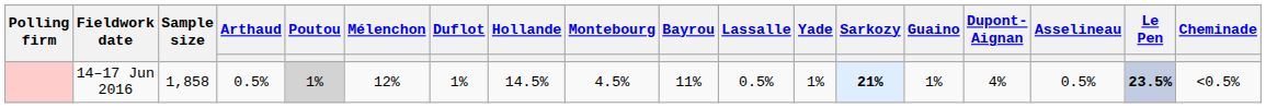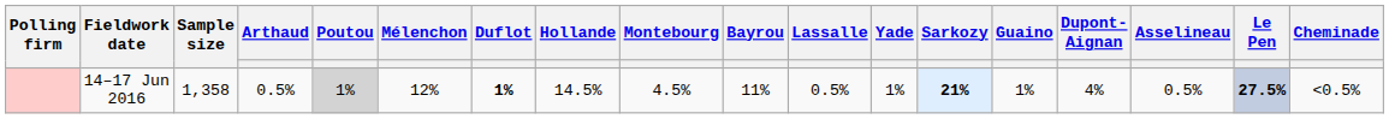 <table class="wikitable sortable" style="text-align:center;font-size:90%;line-height:14px;">
 <tr style="height:40px;">
 <th style="width:100px;" rowspan="2">Polling firm</th>
 <th style="width:110px;" rowspan="2">Fieldwork date</th>
 <th style="width:35px;" rowspan="2">Sample<br>size</th>
 <th class="unsortable" style="width:60px;"><a href='#'>Arthaud</a><br></th>
 <th class="unsortable" style="width:60px;"><a href='#'>Poutou</a><br></th>
 <th class="unsortable" style="width:60px;"><a href='#'>Mélenchon</a><br></th>
 <th class="unsortable" style="width:60px;"><a href='#'>Duflot</a><br></th>
 <th class="unsortable" style="width:60px;"><a href='#'>Hollande</a><br></th>
 <th class="unsortable" style="width:60px;"><a href='#'>Montebourg</a><br></th>
 <th class="unsortable" style="width:60px;"><a href='#'>Bayrou</a><br></th>
 <th class="unsortable" style="width:60px;"><a href='#'>Lassalle</a><br></th>
 <th class="unsortable" style="width:60px;"><a href='#'>Yade</a><br></th>
 <th class="unsortable" style="width:60px;"><a href='#'>Sarkozy</a><br></th>
 <th class="unsortable" style="width:60px;"><a href='#'>Guaino</a><br></th>
 <th class="unsortable" style="width:60px;"><a href='#'>Dupont-Aignan</a><br></th>
 <th class="unsortable" style="width:60px;"><a href='#'>Asselineau</a><br></th>
 <th class="unsortable" style="width:60px;"><a href='#'>Le Pen</a><br></th>
 <th class="unsortable" style="width:60px;"><a href='#'>Cheminade</a><br></th>
 </tr>
 <tr>
 <th style="background:"></th>
 <th style="background:"></th>
 <th style="background:"></th>
 <th style="background:"></th>
 <th style="background:"></th>
 <th style="background:"></th>
 <th style="background:"></th>
 <th style="background:"></th>
 <th style="background:"></th>
 <th style="background:"></th>
 <th style="background:"></th>
 <th style="background:"></th>
 <th style="background:"></th>
 <th style="background:"></th>
 <th style="background:"></th>
 </tr>
 <tr>
 <td style="background:#FFCCCC;"></td>
 <td data-sort-value="2016-06-17">14–17 Jun 2016</td>
-<td>1,858</td>
+<td>1,358</td>
 <td>0.5%</td>
 <td style="background: lightgrey;">1%</td>
 <td>12%</td>
-<td>1%</td>
+<td><strong>1%</strong></td>
 <td>14.5%</td>
 <td>4.5%</td>
 <td>11%</td>
 <td>0.5%</td>
 <td>1%</td>
 <td style="background:#DFEEFF;"><strong>21%</strong></td>
 <td>1%</td>
 <td>4%</td>
 <td>0.5%</td>
-<td style="background:#C1CCE1;"><strong>23.5%</strong></td>
+<td style="background:#C1CCE1;"><strong>27.5%</strong></td>
 <td data-sort-value="0%"><0.5%</td>
 </tr>
 </table>
